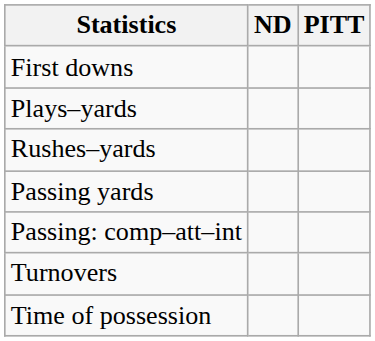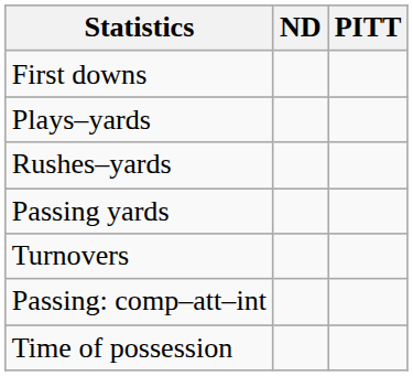 <table class="wikitable" style="float:left">
 <tr>
 <th>Statistics</th>
 <th>ND</th>
 <th>PITT</th>
 </tr>
 <tr>
 <td>First downs</td>
 <td></td>
 <td></td>
 </tr>
 <tr>
 <td>Plays–yards</td>
 <td></td>
 <td></td>
 </tr>
 <tr>
 <td>Rushes–yards</td>
 <td></td>
 <td></td>
 </tr>
 <tr>
 <td>Passing yards</td>
 <td></td>
 <td></td>
 </tr>
 <tr>
-<td>Passing: comp–att–int</td>
+<td>Turnovers</td>
 <td></td>
 <td></td>
 </tr>
 <tr>
-<td>Turnovers</td>
+<td>Passing: comp–att–int</td>
 <td></td>
 <td></td>
 </tr>
 <tr>
 <td>Time of possession</td>
 <td></td>
 <td></td>
 </tr>
 </table>
